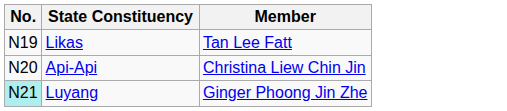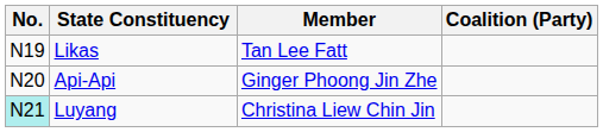 <table class="wikitable sortable">
 <tr>
 <th width="30">No.</th>
 <th width="150">State Constituency</th>
 <th>Member</th>
+<th>Coalition (Party)</th>
 </tr>
 <tr>
 <td>N19</td>
 <td><a href='#'>Likas</a></td>
 <td><a href='#'>Tan Lee Fatt</a></td>
+<td></td>
 </tr>
 <tr>
 <td>N20</td>
 <td><a href='#'>Api-Api</a></td>
-<td><a href='#'>Christina Liew Chin Jin</a></td>
+<td><a href='#'>Ginger Phoong Jin Zhe</a></td>
+<td></td>
 </tr>
 <tr>
 <td style="background: paleturquoise;">N21</td>
 <td><a href='#'>Luyang</a></td>
-<td><a href='#'>Ginger Phoong Jin Zhe</a></td>
+<td><a href='#'>Christina Liew Chin Jin</a></td>
+<td></td>
 </tr>
 </table>
